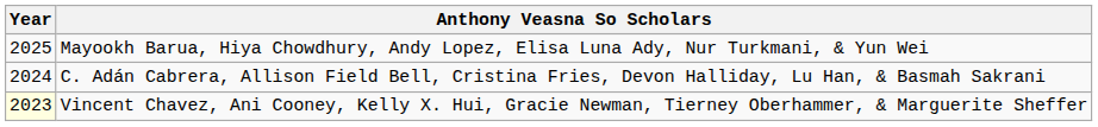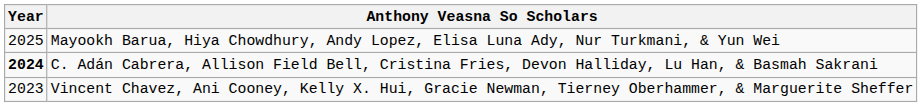 <table class="wikitable">
 <tr>
 <th>Year</th>
 <th>Anthony Veasna So Scholars</th>
 </tr>
 <tr>
 <td>2025</td>
 <td>Mayookh Barua, Hiya Chowdhury, Andy Lopez, Elisa Luna Ady, Nur Turkmani, & Yun Wei</td>
 </tr>
 <tr>
-<td>2024</td>
+<td><strong>2024</strong></td>
 <td>C. Adán Cabrera, Allison Field Bell, Cristina Fries, Devon Halliday, Lu Han, & Basmah Sakrani</td>
 </tr>
 <tr>
-<td style="background: lightyellow;">2023</td>
+<td>2023</td>
 <td>Vincent Chavez, Ani Cooney, Kelly X. Hui, Gracie Newman, Tierney Oberhammer, & Marguerite Sheffer</td>
 </tr>
 </table>
